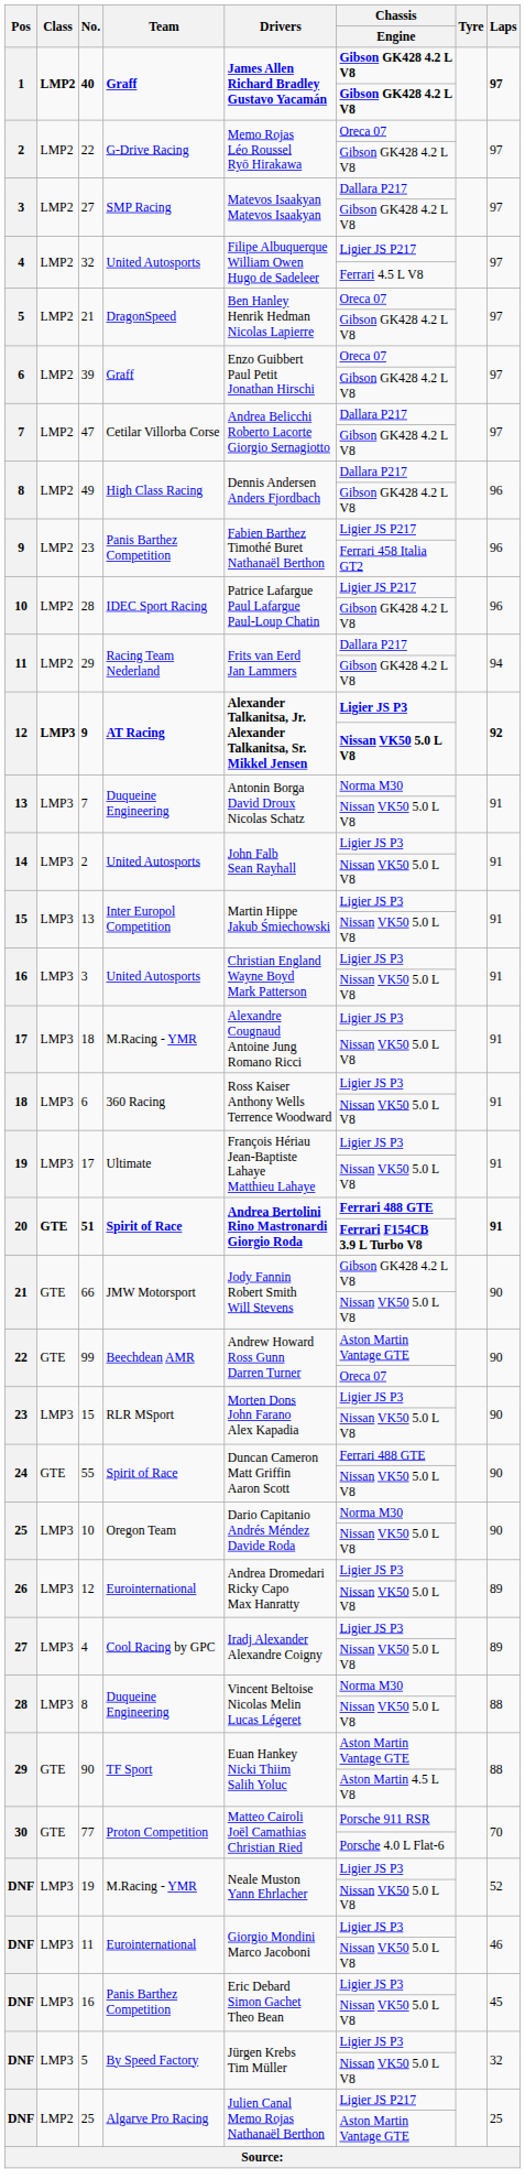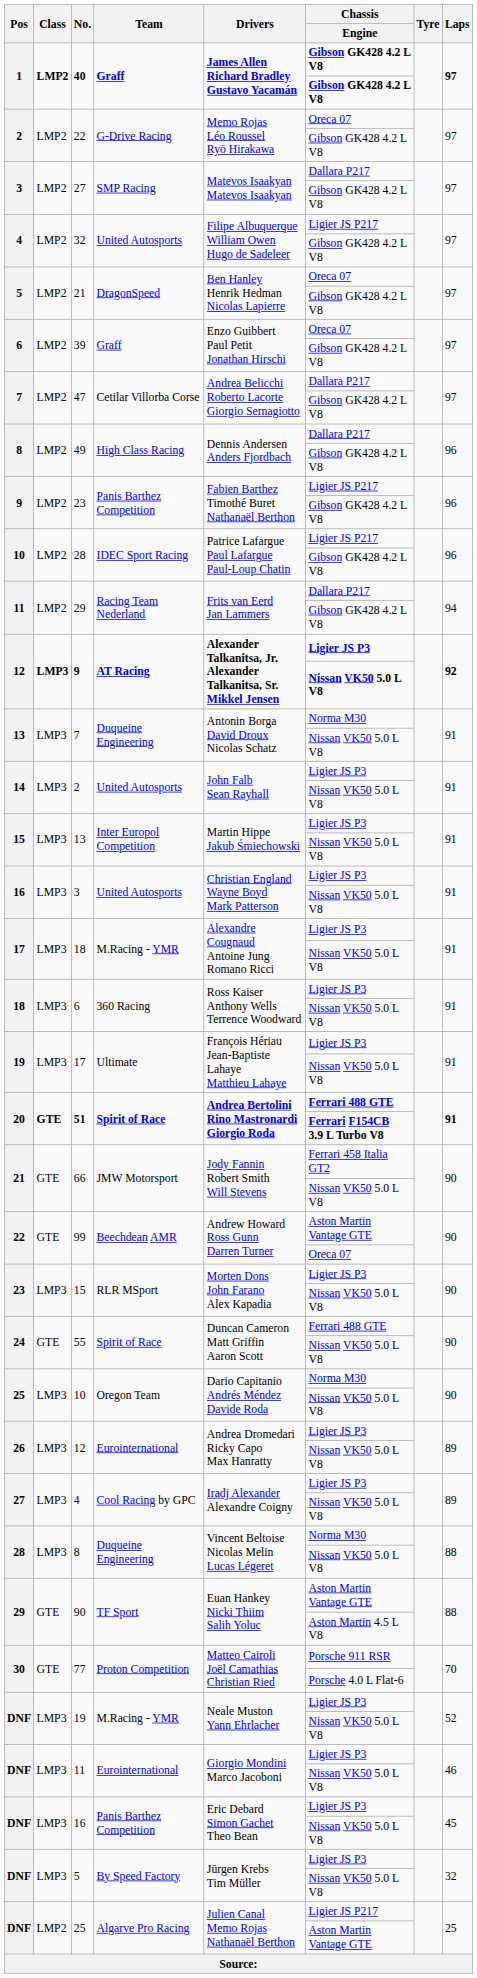 <table class="wikitable" style="font-size: 95%;">
 <tr>
 <th rowspan=2>Pos</th>
 <th rowspan=2>Class</th>
 <th rowspan=2>No.</th>
 <th rowspan=2>Team</th>
 <th rowspan=2>Drivers</th>
 <th>Chassis</th>
 <th rowspan=2>Tyre</th>
 <th rowspan=2>Laps</th>
 </tr>
 <tr>
 <th>Engine</th>
 </tr>
 <tr>
 <th rowspan=2>1</th>
 <td rowspan=2><strong>LMP2</strong></td>
 <td rowspan=2><strong>40</strong></td>
 <td rowspan=2><strong> <a href='#'>Graff</a></strong></td>
 <td rowspan=2><strong> <a href='#'>James Allen</a><br> <a href='#'>Richard Bradley</a><br> <a href='#'>Gustavo Yacamán</a></strong></td>
 <td><strong><a href='#'>Gibson</a> GK428 4.2 L V8</strong></td>
 <td rowspan=2></td>
 <td rowspan=2><strong>97</strong></td>
 </tr>
 <tr>
 <td><strong><a href='#'>Gibson</a> GK428 4.2 L V8</strong></td>
 </tr>
 <tr>
 <th rowspan=2>2</th>
 <td rowspan=2>LMP2</td>
 <td rowspan=2>22</td>
 <td rowspan=2> <a href='#'>G-Drive Racing</a></td>
 <td rowspan=2> <a href='#'>Memo Rojas</a><br> <a href='#'>Léo Roussel</a><br> <a href='#'>Ryō Hirakawa</a></td>
 <td><a href='#'>Oreca 07</a></td>
 <td rowspan=2></td>
 <td rowspan=2>97</td>
 </tr>
 <tr>
 <td><a href='#'>Gibson</a> GK428 4.2 L V8</td>
 </tr>
 <tr>
 <th rowspan=2>3</th>
 <td rowspan=2>LMP2</td>
 <td rowspan=2>27</td>
 <td rowspan=2> <a href='#'>SMP Racing</a></td>
 <td rowspan=2> <a href='#'>Matevos Isaakyan</a><br> <a href='#'>Matevos Isaakyan</a></td>
 <td><a href='#'>Dallara P217</a></td>
 <td rowspan=2></td>
 <td rowspan=2>97</td>
 </tr>
 <tr>
 <td><a href='#'>Gibson</a> GK428 4.2 L V8</td>
 </tr>
 <tr>
 <th rowspan=2>4</th>
 <td rowspan=2>LMP2</td>
 <td rowspan=2>32</td>
 <td rowspan=2> <a href='#'>United Autosports</a></td>
 <td rowspan=2> <a href='#'>Filipe Albuquerque</a><br> <a href='#'>William Owen</a><br> <a href='#'>Hugo de Sadeleer</a></td>
 <td><a href='#'>Ligier JS P217</a></td>
 <td rowspan=2></td>
 <td rowspan=2>97</td>
 </tr>
 <tr>
-<td><a href='#'>Ferrari</a> 4.5 L V8</td>
+<td><a href='#'>Gibson</a> GK428 4.2 L V8</td>
 </tr>
 <tr>
 <th rowspan=2>5</th>
 <td rowspan=2>LMP2</td>
 <td rowspan=2>21</td>
 <td rowspan=2> <a href='#'>DragonSpeed</a></td>
 <td rowspan=2> <a href='#'>Ben Hanley</a><br> Henrik Hedman<br> <a href='#'>Nicolas Lapierre</a></td>
 <td><a href='#'>Oreca 07</a></td>
 <td rowspan=2></td>
 <td rowspan=2>97</td>
 </tr>
 <tr>
 <td><a href='#'>Gibson</a> GK428 4.2 L V8</td>
 </tr>
 <tr>
 <th rowspan=2>6</th>
 <td rowspan=2>LMP2</td>
 <td rowspan=2>39</td>
 <td rowspan=2> <a href='#'>Graff</a></td>
 <td rowspan=2> Enzo Guibbert<br> Paul Petit<br> <a href='#'>Jonathan Hirschi</a></td>
 <td><a href='#'>Oreca 07</a></td>
 <td rowspan=2></td>
 <td rowspan=2>97</td>
 </tr>
 <tr>
 <td><a href='#'>Gibson</a> GK428 4.2 L V8</td>
 </tr>
 <tr>
 <th rowspan=2>7</th>
 <td rowspan=2>LMP2</td>
 <td rowspan=2>47</td>
 <td rowspan=2> Cetilar Villorba Corse</td>
 <td rowspan=2> <a href='#'>Andrea Belicchi</a><br> <a href='#'>Roberto Lacorte</a><br> <a href='#'>Giorgio Sernagiotto</a></td>
 <td><a href='#'>Dallara P217</a></td>
 <td rowspan=2></td>
 <td rowspan=2>97</td>
 </tr>
 <tr>
 <td><a href='#'>Gibson</a> GK428 4.2 L V8</td>
 </tr>
 <tr>
 <th rowspan=2>8</th>
 <td rowspan=2>LMP2</td>
 <td rowspan=2>49</td>
 <td rowspan=2> <a href='#'>High Class Racing</a></td>
 <td rowspan=2> Dennis Andersen<br> <a href='#'>Anders Fjordbach</a></td>
 <td><a href='#'>Dallara P217</a></td>
 <td rowspan=2></td>
 <td rowspan=2>96</td>
 </tr>
 <tr>
 <td><a href='#'>Gibson</a> GK428 4.2 L V8</td>
 </tr>
 <tr>
 <th rowspan=2>9</th>
 <td rowspan=2>LMP2</td>
 <td rowspan=2>23</td>
 <td rowspan=2> <a href='#'>Panis Barthez Competition</a></td>
 <td rowspan=2> <a href='#'>Fabien Barthez</a><br> Timothé Buret<br> <a href='#'>Nathanaël Berthon</a></td>
 <td><a href='#'>Ligier JS P217</a></td>
 <td rowspan=2></td>
 <td rowspan=2>96</td>
 </tr>
 <tr>
-<td><a href='#'>Ferrari 458 Italia GT2</a></td>
+<td><a href='#'>Gibson</a> GK428 4.2 L V8</td>
 </tr>
 <tr>
 <th rowspan=2>10</th>
 <td rowspan=2>LMP2</td>
 <td rowspan=2>28</td>
 <td rowspan=2> <a href='#'>IDEC Sport Racing</a></td>
 <td rowspan=2> Patrice Lafargue<br> <a href='#'>Paul Lafargue</a><br> <a href='#'>Paul-Loup Chatin</a></td>
 <td><a href='#'>Ligier JS P217</a></td>
 <td rowspan=2></td>
 <td rowspan=2>96</td>
 </tr>
 <tr>
 <td><a href='#'>Gibson</a> GK428 4.2 L V8</td>
 </tr>
 <tr>
 <th rowspan=2>11</th>
 <td rowspan=2>LMP2</td>
 <td rowspan=2>29</td>
 <td rowspan=2> <a href='#'>Racing Team Nederland</a></td>
 <td rowspan=2> <a href='#'>Frits van Eerd</a><br> <a href='#'>Jan Lammers</a></td>
 <td><a href='#'>Dallara P217</a></td>
 <td rowspan=2></td>
 <td rowspan=2>94</td>
 </tr>
 <tr>
 <td><a href='#'>Gibson</a> GK428 4.2 L V8</td>
 </tr>
 <tr>
 <th rowspan=2>12</th>
 <td rowspan=2><strong>LMP3</strong></td>
 <td rowspan=2><strong>9</strong></td>
 <td rowspan=2><strong> <a href='#'>AT Racing</a></strong></td>
 <td rowspan=2><strong> Alexander Talkanitsa, Jr.<br> Alexander Talkanitsa, Sr.<br> <a href='#'>Mikkel Jensen</a></strong></td>
 <td><strong><a href='#'>Ligier JS P3</a></strong></td>
 <td rowspan=2></td>
 <td rowspan=2><strong>92</strong></td>
 </tr>
 <tr>
 <td><strong><a href='#'>Nissan</a> <a href='#'>VK50</a> 5.0 L V8</strong></td>
 </tr>
 <tr>
 <th rowspan=2>13</th>
 <td rowspan=2>LMP3</td>
 <td rowspan=2>7</td>
 <td rowspan=2> <a href='#'>Duqueine Engineering</a></td>
 <td rowspan=2> Antonin Borga<br> <a href='#'>David Droux</a><br> Nicolas Schatz</td>
 <td><a href='#'>Norma M30</a></td>
 <td rowspan=2></td>
 <td rowspan=2>91</td>
 </tr>
 <tr>
 <td><a href='#'>Nissan</a> <a href='#'>VK50</a> 5.0 L V8</td>
 </tr>
 <tr>
 <th rowspan=2>14</th>
 <td rowspan=2>LMP3</td>
 <td rowspan=2>2</td>
 <td rowspan=2> <a href='#'>United Autosports</a></td>
 <td rowspan=2> <a href='#'>John Falb</a><br> <a href='#'>Sean Rayhall</a></td>
 <td><a href='#'>Ligier JS P3</a></td>
 <td rowspan=2></td>
 <td rowspan=2>91</td>
 </tr>
 <tr>
 <td><a href='#'>Nissan</a> <a href='#'>VK50</a> 5.0 L V8</td>
 </tr>
 <tr>
 <th rowspan=2>15</th>
 <td rowspan=2>LMP3</td>
 <td rowspan=2>13</td>
 <td rowspan=2> <a href='#'>Inter Europol Competition</a></td>
 <td rowspan=2> Martin Hippe<br> <a href='#'>Jakub Śmiechowski</a></td>
 <td><a href='#'>Ligier JS P3</a></td>
 <td rowspan=2></td>
 <td rowspan=2>91</td>
 </tr>
 <tr>
 <td><a href='#'>Nissan</a> <a href='#'>VK50</a> 5.0 L V8</td>
 </tr>
 <tr>
 <th rowspan=2>16</th>
 <td rowspan=2>LMP3</td>
 <td rowspan=2>3</td>
 <td rowspan=2> <a href='#'>United Autosports</a></td>
 <td rowspan=2> <a href='#'>Christian England</a><br> <a href='#'>Wayne Boyd</a><br> <a href='#'>Mark Patterson</a></td>
 <td><a href='#'>Ligier JS P3</a></td>
 <td rowspan=2></td>
 <td rowspan=2>91</td>
 </tr>
 <tr>
 <td><a href='#'>Nissan</a> <a href='#'>VK50</a> 5.0 L V8</td>
 </tr>
 <tr>
 <th rowspan=2>17</th>
 <td rowspan=2>LMP3</td>
 <td rowspan=2>18</td>
 <td rowspan=2> M.Racing - <a href='#'>YMR</a></td>
 <td rowspan=2> <a href='#'>Alexandre Cougnaud</a><br> Antoine Jung<br> Romano Ricci</td>
 <td><a href='#'>Ligier JS P3</a></td>
 <td rowspan=2></td>
 <td rowspan=2>91</td>
 </tr>
 <tr>
 <td><a href='#'>Nissan</a> <a href='#'>VK50</a> 5.0 L V8</td>
 </tr>
 <tr>
 <th rowspan=2>18</th>
 <td rowspan=2>LMP3</td>
 <td rowspan=2>6</td>
 <td rowspan=2> 360 Racing</td>
 <td rowspan=2> Ross Kaiser<br> Anthony Wells<br> Terrence Woodward</td>
 <td><a href='#'>Ligier JS P3</a></td>
 <td rowspan=2></td>
 <td rowspan=2>91</td>
 </tr>
 <tr>
 <td><a href='#'>Nissan</a> <a href='#'>VK50</a> 5.0 L V8</td>
 </tr>
 <tr>
 <th rowspan=2>19</th>
 <td rowspan=2>LMP3</td>
 <td rowspan=2>17</td>
 <td rowspan=2> Ultimate</td>
 <td rowspan=2> François Hériau<br> Jean-Baptiste Lahaye<br> <a href='#'>Matthieu Lahaye</a></td>
 <td><a href='#'>Ligier JS P3</a></td>
 <td rowspan=2></td>
 <td rowspan=2>91</td>
 </tr>
 <tr>
 <td><a href='#'>Nissan</a> <a href='#'>VK50</a> 5.0 L V8</td>
 </tr>
 <tr>
 <th rowspan=2>20</th>
 <td rowspan=2><strong>GTE</strong></td>
 <td rowspan=2><strong>51</strong></td>
 <td rowspan=2><strong> <a href='#'>Spirit of Race</a></strong></td>
 <td rowspan=2><strong> <a href='#'>Andrea Bertolini</a><br> <a href='#'>Rino Mastronardi</a><br> <a href='#'>Giorgio Roda</a></strong></td>
 <td><strong><a href='#'>Ferrari 488 GTE</a></strong></td>
 <td rowspan=2></td>
 <td rowspan=2><strong>91</strong></td>
 </tr>
 <tr>
 <td><strong><a href='#'>Ferrari</a> <a href='#'>F154CB</a> 3.9 L Turbo V8</strong></td>
 </tr>
 <tr>
 <th rowspan=2>21</th>
 <td rowspan=2>GTE</td>
 <td rowspan=2>66</td>
 <td rowspan=2> JMW Motorsport</td>
 <td rowspan=2> <a href='#'>Jody Fannin</a><br> Robert Smith<br> <a href='#'>Will Stevens</a></td>
-<td><a href='#'>Gibson</a> GK428 4.2 L V8</td>
+<td><a href='#'>Ferrari 458 Italia GT2</a></td>
 <td rowspan=2></td>
 <td rowspan=2>90</td>
 </tr>
 <tr>
 <td><a href='#'>Nissan</a> <a href='#'>VK50</a> 5.0 L V8</td>
 </tr>
 <tr>
 <th rowspan=2>22</th>
 <td rowspan=2>GTE</td>
 <td rowspan=2>99</td>
 <td rowspan=2> <a href='#'>Beechdean</a> <a href='#'>AMR</a></td>
 <td rowspan=2> Andrew Howard<br> <a href='#'>Ross Gunn</a><br> <a href='#'>Darren Turner</a></td>
 <td><a href='#'>Aston Martin Vantage GTE</a></td>
 <td rowspan=2></td>
 <td rowspan=2>90</td>
 </tr>
 <tr>
 <td><a href='#'>Oreca 07</a></td>
 </tr>
 <tr>
 <th rowspan=2>23</th>
 <td rowspan=2>LMP3</td>
 <td rowspan=2>15</td>
 <td rowspan=2> RLR MSport</td>
 <td rowspan=2> <a href='#'>Morten Dons</a><br> <a href='#'>John Farano</a><br> Alex Kapadia</td>
 <td><a href='#'>Ligier JS P3</a></td>
 <td rowspan=2></td>
 <td rowspan=2>90</td>
 </tr>
 <tr>
 <td><a href='#'>Nissan</a> <a href='#'>VK50</a> 5.0 L V8</td>
 </tr>
 <tr>
 <th rowspan=2>24</th>
 <td rowspan=2>GTE</td>
 <td rowspan=2>55</td>
 <td rowspan=2> <a href='#'>Spirit of Race</a></td>
 <td rowspan=2> Duncan Cameron<br> Matt Griffin<br> Aaron Scott</td>
 <td><a href='#'>Ferrari 488 GTE</a></td>
 <td rowspan=2></td>
 <td rowspan=2>90</td>
 </tr>
 <tr>
 <td><a href='#'>Nissan</a> <a href='#'>VK50</a> 5.0 L V8</td>
 </tr>
 <tr>
 <th rowspan=2>25</th>
 <td rowspan=2>LMP3</td>
 <td rowspan=2>10</td>
 <td rowspan=2> Oregon Team</td>
 <td rowspan=2> Dario Capitanio<br> <a href='#'>Andrés Méndez</a><br> <a href='#'>Davide Roda</a></td>
 <td><a href='#'>Norma M30</a></td>
 <td rowspan=2></td>
 <td rowspan=2>90</td>
 </tr>
 <tr>
 <td><a href='#'>Nissan</a> <a href='#'>VK50</a> 5.0 L V8</td>
 </tr>
 <tr>
 <th rowspan="2">26</th>
 <td rowspan="2">LMP3</td>
 <td rowspan="2">12</td>
 <td rowspan="2"> <a href='#'>Eurointernational</a></td>
 <td rowspan="2"> Andrea Dromedari<br> Ricky Capo<br> Max Hanratty</td>
 <td><a href='#'>Ligier JS P3</a></td>
 <td rowspan="2"></td>
 <td rowspan="2">89</td>
 </tr>
 <tr>
 <td><a href='#'>Nissan</a> <a href='#'>VK50</a> 5.0 L V8</td>
 </tr>
 <tr>
 <th rowspan="2">27</th>
 <td rowspan="2">LMP3</td>
 <td rowspan="2">4</td>
 <td rowspan="2"> <a href='#'>Cool Racing</a> by GPC</td>
 <td rowspan="2"> <a href='#'>Iradj Alexander</a><br> Alexandre Coigny</td>
 <td><a href='#'>Ligier JS P3</a></td>
 <td rowspan="2"></td>
 <td rowspan="2">89</td>
 </tr>
 <tr>
 <td><a href='#'>Nissan</a> <a href='#'>VK50</a> 5.0 L V8</td>
 </tr>
 <tr>
 <th rowspan="2">28</th>
 <td rowspan="2">LMP3</td>
 <td rowspan="2">8</td>
 <td rowspan="2"> <a href='#'>Duqueine Engineering</a></td>
 <td rowspan="2"> Vincent Beltoise<br> Nicolas Melin<br> <a href='#'>Lucas Légeret</a></td>
 <td><a href='#'>Norma M30</a></td>
 <td rowspan="2"></td>
 <td rowspan="2">88</td>
 </tr>
 <tr>
 <td><a href='#'>Nissan</a> <a href='#'>VK50</a> 5.0 L V8</td>
 </tr>
 <tr>
 <th rowspan="2">29</th>
 <td rowspan="2">GTE</td>
 <td rowspan="2">90</td>
 <td rowspan="2"> <a href='#'>TF Sport</a></td>
 <td rowspan="2"> Euan Hankey<br> <a href='#'>Nicki Thiim</a><br> <a href='#'>Salih Yoluc</a></td>
 <td><a href='#'>Aston Martin Vantage GTE</a></td>
 <td rowspan="2"></td>
 <td rowspan="2">88</td>
 </tr>
 <tr>
 <td><a href='#'>Aston Martin</a> 4.5 L V8</td>
 </tr>
 <tr>
 <th rowspan="2">30</th>
 <td rowspan="2">GTE</td>
 <td rowspan="2">77</td>
 <td rowspan="2"> <a href='#'>Proton Competition</a></td>
 <td rowspan="2"> <a href='#'>Matteo Cairoli</a><br> <a href='#'>Joël Camathias</a><br> <a href='#'>Christian Ried</a></td>
 <td><a href='#'>Porsche 911 RSR</a></td>
 <td rowspan="2"></td>
 <td rowspan="2">70</td>
 </tr>
 <tr>
 <td><a href='#'>Porsche</a> 4.0 L Flat-6</td>
 </tr>
 <tr>
 <th rowspan="2">DNF</th>
 <td rowspan="2">LMP3</td>
 <td rowspan="2">19</td>
 <td rowspan="2"> M.Racing - <a href='#'>YMR</a></td>
 <td rowspan="2"> Neale Muston<br> <a href='#'>Yann Ehrlacher</a></td>
 <td><a href='#'>Ligier JS P3</a></td>
 <td rowspan="2"></td>
 <td rowspan="2">52</td>
 </tr>
 <tr>
 <td><a href='#'>Nissan</a> <a href='#'>VK50</a> 5.0 L V8</td>
 </tr>
 <tr>
 <th rowspan="2">DNF</th>
 <td rowspan="2">LMP3</td>
 <td rowspan="2">11</td>
 <td rowspan="2"> <a href='#'>Eurointernational</a></td>
 <td rowspan="2"> <a href='#'>Giorgio Mondini</a><br> Marco Jacoboni</td>
 <td><a href='#'>Ligier JS P3</a></td>
 <td rowspan="2"></td>
 <td rowspan="2">46</td>
 </tr>
 <tr>
 <td><a href='#'>Nissan</a> <a href='#'>VK50</a> 5.0 L V8</td>
 </tr>
 <tr>
 <th rowspan="2">DNF</th>
 <td rowspan="2">LMP3</td>
 <td rowspan="2">16</td>
 <td rowspan="2"> <a href='#'>Panis Barthez Competition</a></td>
 <td rowspan="2"> Eric Debard<br> <a href='#'>Simon Gachet</a><br> Theo Bean</td>
 <td><a href='#'>Ligier JS P3</a></td>
 <td rowspan="2"></td>
 <td rowspan="2">45</td>
 </tr>
 <tr>
 <td><a href='#'>Nissan</a> <a href='#'>VK50</a> 5.0 L V8</td>
 </tr>
 <tr>
 <th rowspan="2">DNF</th>
 <td rowspan="2">LMP3</td>
 <td rowspan="2">5</td>
 <td rowspan="2"> <a href='#'>By Speed Factory</a></td>
 <td rowspan="2"> Jürgen Krebs<br> Tim Müller</td>
 <td><a href='#'>Ligier JS P3</a></td>
 <td rowspan="2"></td>
 <td rowspan="2">32</td>
 </tr>
 <tr>
 <td><a href='#'>Nissan</a> <a href='#'>VK50</a> 5.0 L V8</td>
 </tr>
 <tr>
 <th rowspan="2">DNF</th>
 <td rowspan="2">LMP2</td>
 <td rowspan="2">25</td>
 <td rowspan="2"> <a href='#'>Algarve Pro Racing</a></td>
 <td rowspan="2"> <a href='#'>Julien Canal</a><br> <a href='#'>Memo Rojas</a><br> <a href='#'>Nathanaël Berthon</a></td>
 <td><a href='#'>Ligier JS P217</a></td>
 <td rowspan="2"></td>
 <td rowspan="2">25</td>
 </tr>
 <tr>
 <td><a href='#'>Aston Martin Vantage GTE</a></td>
 </tr>
 <tr>
 <th colspan="8">Source:</th>
 </tr>
 </table>
